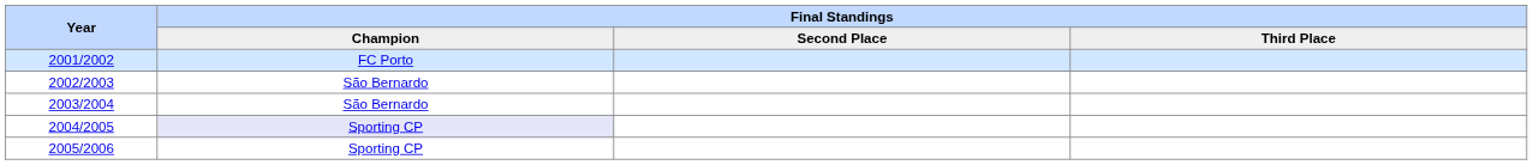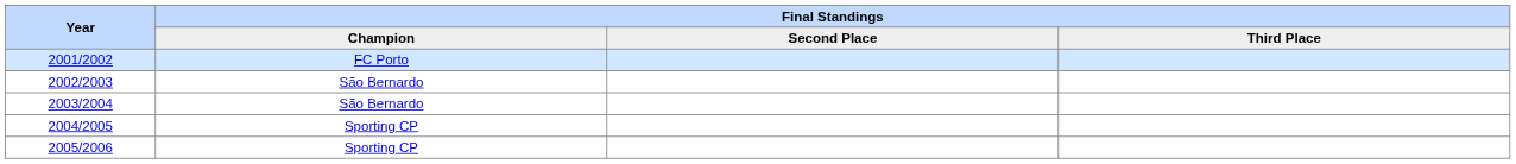 <table border=1 style="border-collapse:collapse; font-size:90%;" cellpadding=3 cellspacing=0 width=100%>
 <tr bgcolor=#C1D8FF>
 <th rowspan=2 width=5%>Year</th>
 <th colspan=3>Final Standings</th>
 </tr>
 <tr bgcolor=#EFEFEF>
 <th width=15%>Champion</th>
 <th width=15%>Second Place</th>
 <th width=15%>Third Place</th>
 </tr>
 <tr align=center bgcolor=#D0E7FF>
 <td><a href='#'>2001/2002</a></td>
 <td><a href='#'>FC Porto</a></td>
 <td></td>
 <td></td>
 </tr>
 <tr align=center>
 <td><a href='#'>2002/2003</a></td>
 <td><a href='#'>São Bernardo</a></td>
 <td></td>
 <td></td>
 </tr>
 <tr align=center>
 <td><a href='#'>2003/2004</a></td>
 <td><a href='#'>São Bernardo</a></td>
 <td></td>
 <td></td>
 </tr>
 <tr align=center>
 <td><a href='#'>2004/2005</a></td>
-<td style="background: lavender;"><a href='#'>Sporting CP</a></td>
+<td><a href='#'>Sporting CP</a></td>
 <td></td>
 <td></td>
 </tr>
 <tr align=center>
 <td><a href='#'>2005/2006</a></td>
 <td><a href='#'>Sporting CP</a></td>
 <td></td>
 <td></td>
 </tr>
 </table>
